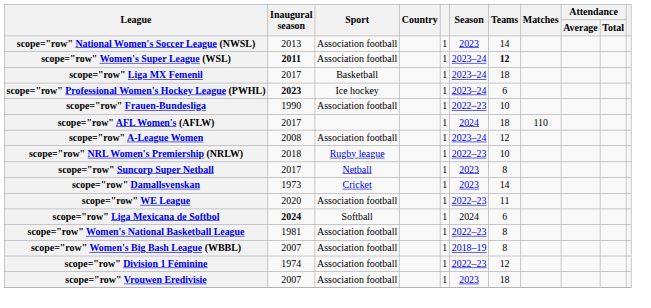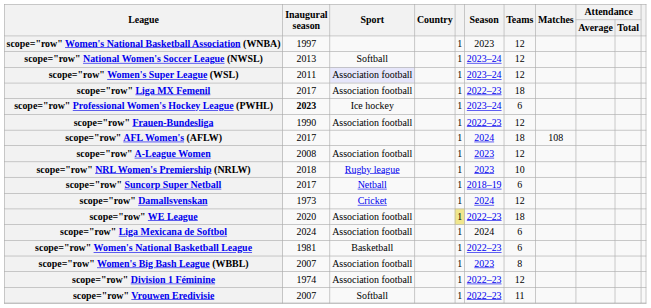 <table class="wikitable sortable" style="text-align:center;">
 <tr>
 <th rowspan=2 scope="col">League</th>
 <th rowspan=2 scope="col">Inaugural<br>season</th>
 <th rowspan=2 scope="col">Sport</th>
 <th rowspan=2 scope="col">Country</th>
 <th rowspan=2 scope="col"></th>
 <th rowspan=2 scope="col">Season</th>
 <th rowspan=2 scope="col">Teams</th>
 <th rowspan=2 scope="col">Matches</th>
 <th colspan=2 scope="colgroup">Attendance</th>
 <th rowspan=2 scope="col"></th>
 </tr>
 <tr>
 <th>Average</th>
 <th>Total</th>
 </tr>
 <tr>
+<th>scope="row" <a href='#'>Women's National Basketball Association</a> (WNBA)</th>
+<td>1997</td>
+<td></td>
+<td></td>
+<td>1</td>
+<td>2023</td>
+<td>12</td>
+<td></td>
+<td></td>
+<td></td>
+<td></td>
+</tr>
+<tr>
 <th>scope="row" <a href='#'>National Women's Soccer League</a> (NWSL)</th>
 <td>2013</td>
-<td>Association football</td>
+<td> Softball</td>
 <td></td>
 <td>1</td>
-<td><a href='#'>2023</a></td>
-<td>14</td>
+<td><a href='#'>2023–24</a></td>
+<td>12</td>
 <td></td>
 <td></td>
 <td></td>
 <td></td>
 </tr>
 <tr>
 <th>scope="row" <a href='#'>Women's Super League</a> (WSL)</th>
-<td><strong>2011</strong></td>
-<td>Association football</td>
+<td>2011</td>
+<td style="background: lavender;">Association football</td>
 <td></td>
 <td>1</td>
 <td><a href='#'>2023–24</a></td>
-<td><strong>12</strong></td>
+<td>12</td>
 <td></td>
 <td></td>
 <td></td>
 <td></td>
 </tr>
 <tr>
 <th>scope="row" <a href='#'>Liga MX Femenil</a></th>
 <td>2017</td>
-<td>Basketball</td>
+<td>Association football</td>
 <td></td>
 <td>1</td>
-<td><a href='#'>2023–24</a></td>
+<td><a href='#'>2022–23</a></td>
 <td>18</td>
 <td></td>
 <td></td>
 <td></td>
 <td></td>
 </tr>
 <tr>
 <th>scope="row" <a href='#'>Professional Women's Hockey League</a> (PWHL)</th>
 <td><strong>2023</strong></td>
 <td>Ice hockey</td>
 <td></td>
 <td>1</td>
 <td><a href='#'>2023–24</a></td>
 <td>6</td>
 <td></td>
 <td></td>
 <td></td>
 <td></td>
 </tr>
 <tr>
 <th>scope="row" <a href='#'>Frauen-Bundesliga</a></th>
 <td>1990</td>
 <td>Association football</td>
 <td></td>
 <td>1</td>
 <td><a href='#'>2022–23</a></td>
-<td>10</td>
+<td>12</td>
 <td></td>
 <td></td>
 <td></td>
 <td></td>
 </tr>
 <tr>
 <th>scope="row" <a href='#'>AFL Women's</a> (AFLW)</th>
 <td>2017</td>
 <td></td>
 <td></td>
 <td>1</td>
 <td><a href='#'>2024</a></td>
 <td>18</td>
-<td>110</td>
+<td>108</td>
 <td></td>
 <td></td>
 <td></td>
 </tr>
 <tr>
 <th>scope="row" <a href='#'>A-League Women</a></th>
 <td>2008</td>
 <td>Association football</td>
 <td></td>
 <td>1</td>
-<td><a href='#'>2023–24</a></td>
+<td><a href='#'>2023</a></td>
 <td>12</td>
 <td></td>
 <td></td>
 <td></td>
 <td></td>
 </tr>
 <tr>
 <th>scope="row" <a href='#'>NRL Women's Premiership</a> (NRLW)</th>
 <td>2018</td>
 <td><a href='#'>Rugby league</a></td>
 <td></td>
 <td>1</td>
-<td><a href='#'>2022–23</a></td>
+<td><a href='#'>2023</a></td>
 <td>10</td>
 <td></td>
 <td></td>
 <td></td>
 <td></td>
 </tr>
 <tr>
 <th>scope="row" <a href='#'>Suncorp Super Netball</a></th>
 <td>2017</td>
 <td><a href='#'>Netball</a></td>
 <td></td>
 <td>1</td>
-<td><a href='#'>2023</a></td>
-<td>8</td>
+<td><a href='#'>2018–19</a></td>
+<td>6</td>
 <td></td>
 <td></td>
 <td></td>
 <td></td>
 </tr>
 <tr>
 <th>scope="row" <a href='#'>Damallsvenskan</a></th>
 <td>1973</td>
 <td><a href='#'>Cricket</a></td>
 <td></td>
 <td>1</td>
-<td><a href='#'>2023</a></td>
-<td>14</td>
+<td><a href='#'>2024</a></td>
+<td>12</td>
 <td></td>
 <td></td>
 <td></td>
 <td></td>
 </tr>
 <tr>
 <th>scope="row" <a href='#'>WE League</a></th>
 <td>2020</td>
 <td>Association football</td>
 <td></td>
-<td>1</td>
+<td style="background: khaki;">1</td>
 <td><a href='#'>2022–23</a></td>
-<td>11</td>
+<td>18</td>
 <td></td>
 <td></td>
 <td></td>
 <td></td>
 </tr>
 <tr>
 <th>scope="row" <a href='#'>Liga Mexicana de Softbol</a></th>
-<td><strong>2024</strong></td>
-<td> Softball</td>
+<td>2024</td>
+<td>Association football</td>
 <td></td>
 <td>1</td>
 <td>2024</td>
 <td>6</td>
 <td></td>
 <td></td>
 <td></td>
 <td></td>
 </tr>
 <tr>
 <th>scope="row" <a href='#'>Women's National Basketball League</a></th>
 <td>1981</td>
-<td>Association football</td>
+<td>Basketball</td>
 <td></td>
 <td>1</td>
 <td><a href='#'>2022–23</a></td>
-<td>8</td>
+<td>6</td>
 <td></td>
 <td></td>
 <td></td>
 <td></td>
 </tr>
 <tr>
 <th>scope="row" <a href='#'>Women's Big Bash League</a> (WBBL)</th>
 <td>2007</td>
 <td>Association football</td>
 <td></td>
 <td>1</td>
-<td><a href='#'>2018–19</a></td>
+<td><a href='#'>2023</a></td>
 <td>8</td>
 <td></td>
 <td></td>
 <td></td>
 <td></td>
 </tr>
 <tr>
 <th>scope="row" <a href='#'>Division 1 Féminine</a></th>
 <td>1974</td>
 <td>Association football</td>
 <td></td>
 <td>1</td>
 <td><a href='#'>2022–23</a></td>
 <td>12</td>
 <td></td>
 <td></td>
 <td></td>
 <td></td>
 </tr>
 <tr>
 <th>scope="row" <a href='#'>Vrouwen Eredivisie</a></th>
 <td>2007</td>
-<td>Association football</td>
+<td> Softball</td>
 <td></td>
 <td>1</td>
-<td><a href='#'>2023</a></td>
-<td>18</td>
+<td><a href='#'>2022–23</a></td>
+<td>11</td>
 <td></td>
 <td></td>
 <td></td>
 <td></td>
 </tr>
 <tr>
 </tr>
 </table>
